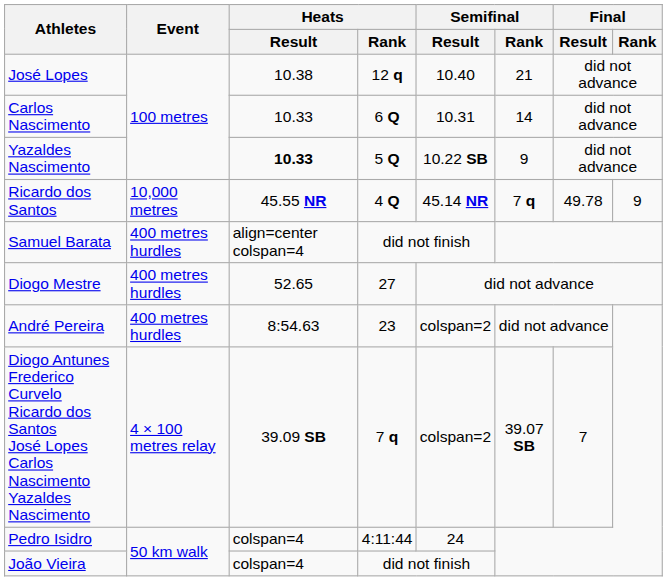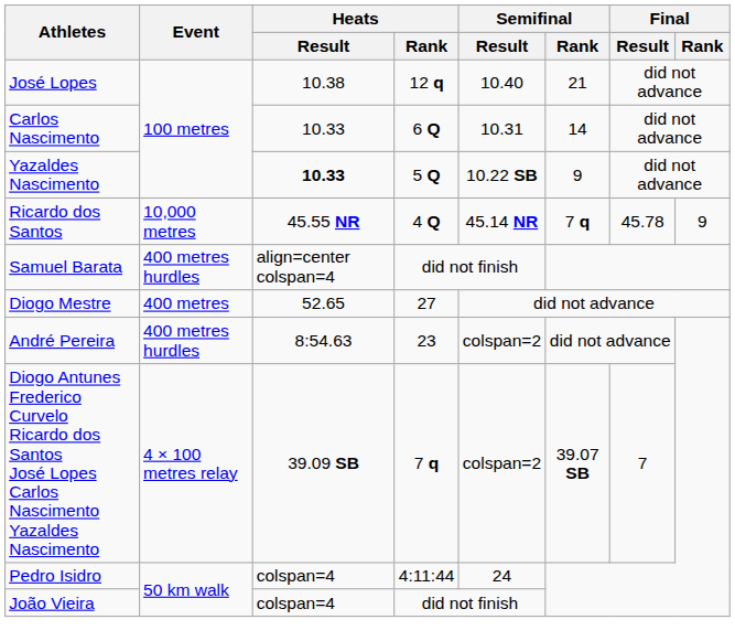 <table class="wikitable" border="1" style="font-size:90%">
 <tr>
 <th rowspan="2">Athletes</th>
 <th rowspan="2">Event</th>
 <th colspan="2">Heats</th>
 <th colspan="2">Semifinal</th>
 <th colspan="2">Final</th>
 </tr>
 <tr>
 <th>Result</th>
 <th>Rank</th>
 <th>Result</th>
 <th>Rank</th>
 <th>Result</th>
 <th>Rank</th>
 </tr>
 <tr>
 <td><a href='#'>José Lopes</a></td>
 <td rowspan=3><a href='#'>100 metres</a></td>
 <td align=center>10.38</td>
 <td align=center>12 <strong>q</strong></td>
 <td align=center>10.40</td>
 <td align=center>21</td>
 <td align=center colspan=2>did not advance</td>
 </tr>
 <tr>
 <td><a href='#'>Carlos Nascimento</a></td>
 <td align=center>10.33</td>
 <td align=center>6 <strong>Q</strong></td>
 <td align=center>10.31</td>
 <td align=center>14</td>
 <td align=center colspan=2>did not advance</td>
 </tr>
 <tr>
 <td><a href='#'>Yazaldes Nascimento</a></td>
 <td align=center><strong>10.33</strong></td>
 <td align=center>5 <strong>Q</strong></td>
 <td align=center>10.22 <strong>SB</strong></td>
 <td align=center>9</td>
 <td align=center colspan=2>did not advance</td>
 </tr>
 <tr>
 <td><a href='#'>Ricardo dos Santos</a></td>
 <td><a href='#'>10,000 metres</a></td>
 <td align=center>45.55 <strong><a href='#'>NR</a></strong></td>
 <td align=center>4 <strong>Q</strong></td>
 <td align=center>45.14 <strong><a href='#'>NR</a></strong></td>
 <td align=center>7 <strong>q</strong></td>
-<td align=center>49.78</td>
+<td align=center>45.78</td>
 <td align=center>9</td>
 </tr>
 <tr>
 <td><a href='#'>Samuel Barata</a></td>
 <td><a href='#'>400 metres hurdles</a></td>
 <td>align=center colspan=4</td>
 <td align=center colspan=2>did not finish</td>
 </tr>
 <tr>
 <td><a href='#'>Diogo Mestre</a></td>
-<td><a href='#'>400 metres hurdles</a></td>
+<td><a href='#'>400 metres</a></td>
 <td align=center>52.65</td>
 <td align=center>27</td>
 <td align=center colspan=4>did not advance</td>
 </tr>
 <tr>
 <td><a href='#'>André Pereira</a></td>
 <td><a href='#'>400 metres hurdles</a></td>
 <td align=center>8:54.63</td>
 <td align=center>23</td>
 <td>colspan=2</td>
 <td align=center colspan=2>did not advance</td>
 </tr>
 <tr>
 <td><a href='#'>Diogo Antunes</a><br><a href='#'>Frederico Curvelo</a><br><a href='#'>Ricardo dos Santos</a><br><a href='#'>José Lopes</a><br><a href='#'>Carlos Nascimento</a><br><a href='#'>Yazaldes Nascimento</a></td>
 <td><a href='#'>4 × 100 metres relay</a></td>
 <td align=center>39.09 <strong>SB</strong></td>
 <td align=center>7 <strong>q</strong></td>
 <td>colspan=2</td>
 <td align=center>39.07 <strong>SB</strong></td>
 <td align=center>7</td>
 </tr>
 <tr>
 <td><a href='#'>Pedro Isidro</a></td>
 <td rowspan=2><a href='#'>50 km walk</a></td>
 <td>colspan=4</td>
 <td align=center>4:11:44</td>
 <td align=center>24</td>
 </tr>
 <tr>
 <td><a href='#'>João Vieira</a></td>
 <td>colspan=4</td>
 <td align=center colspan=2>did not finish</td>
 </tr>
 </table>
